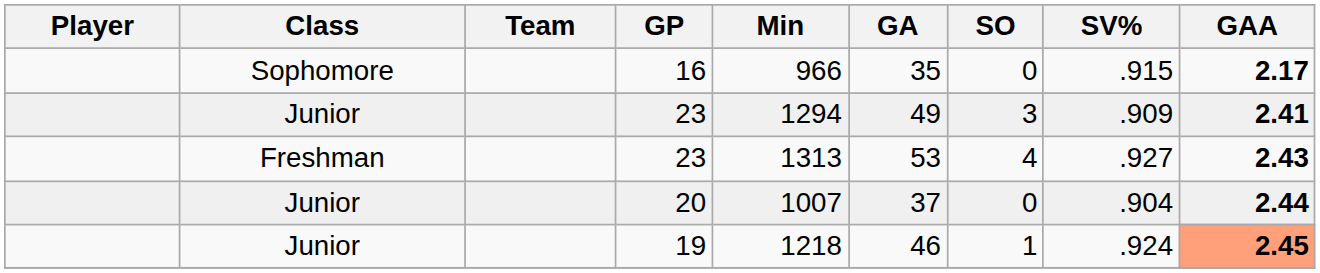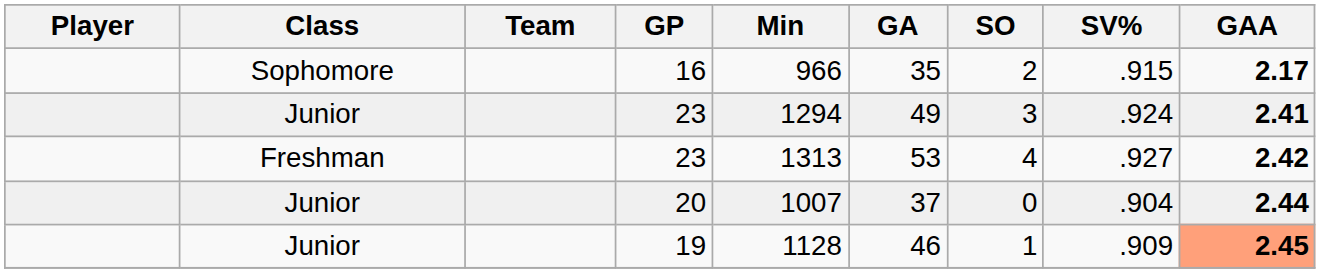 <table class="wikitable sortable" style="text-align: center; "width=60%">
 <tr>
 <th>Player</th>
 <th>Class</th>
 <th>Team</th>
 <th>GP</th>
 <th>Min</th>
 <th>GA</th>
 <th>SO</th>
 <th>SV%</th>
 <th>GAA</th>
 </tr>
 <tr>
 <td style="text-align: left"></td>
 <td>Sophomore</td>
 <td><strong><a href='#'></a></strong></td>
 <td style="text-align: right">16</td>
 <td style="text-align: right">966</td>
 <td style="text-align: right">35</td>
-<td style="text-align: right">0</td>
+<td style="text-align: right">2</td>
 <td style="text-align: right">.915</td>
 <td style="text-align: right"><strong>2.17</strong></td>
 </tr>
 <tr bgcolor=f0f0f0>
 <td style="text-align: left"></td>
 <td>Junior</td>
 <td><strong><a href='#'></a></strong></td>
 <td style="text-align: right">23</td>
 <td style="text-align: right">1294</td>
 <td style="text-align: right">49</td>
 <td style="text-align: right">3</td>
-<td style="text-align: right">.909</td>
+<td style="text-align: right">.924</td>
 <td style="text-align: right"><strong>2.41</strong></td>
 </tr>
 <tr>
 <td style="text-align: left"></td>
 <td>Freshman</td>
 <td><strong><a href='#'></a></strong></td>
 <td style="text-align: right">23</td>
 <td style="text-align: right">1313</td>
 <td style="text-align: right">53</td>
 <td style="text-align: right">4</td>
 <td style="text-align: right">.927</td>
-<td style="text-align: right"><strong>2.43</strong></td>
+<td style="text-align: right"><strong>2.42</strong></td>
 </tr>
 <tr bgcolor=f0f0f0>
 <td style="text-align: left"></td>
 <td>Junior</td>
 <td><strong><a href='#'></a></strong></td>
 <td style="text-align: right">20</td>
 <td style="text-align: right">1007</td>
 <td style="text-align: right">37</td>
 <td style="text-align: right">0</td>
 <td style="text-align: right">.904</td>
 <td style="text-align: right"><strong>2.44</strong></td>
 </tr>
 <tr>
 <td style="text-align: left"></td>
 <td>Junior</td>
 <td><strong><a href='#'></a></strong></td>
 <td style="text-align: right">19</td>
-<td style="text-align: right">1218</td>
+<td style="text-align: right">1128</td>
 <td style="text-align: right">46</td>
 <td style="text-align: right">1</td>
-<td style="text-align: right">.924</td>
+<td style="text-align: right">.909</td>
 <td style="background: lightsalmon; text-align: right"><strong>2.45</strong></td>
 </tr>
 <tr>
 </tr>
 </table>
